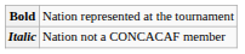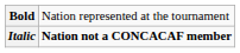 <table class="wikitable" style="font-size:90%;">
 <tr>
 <th><strong>Bold</strong></th>
 <td>Nation represented at the tournament</td>
 </tr>
 <tr>
 <th><em>Italic</em></th>
-<td>Nation not a CONCACAF member</td>
+<td><strong>Nation not a CONCACAF member</strong></td>
 </tr>
 </table>
